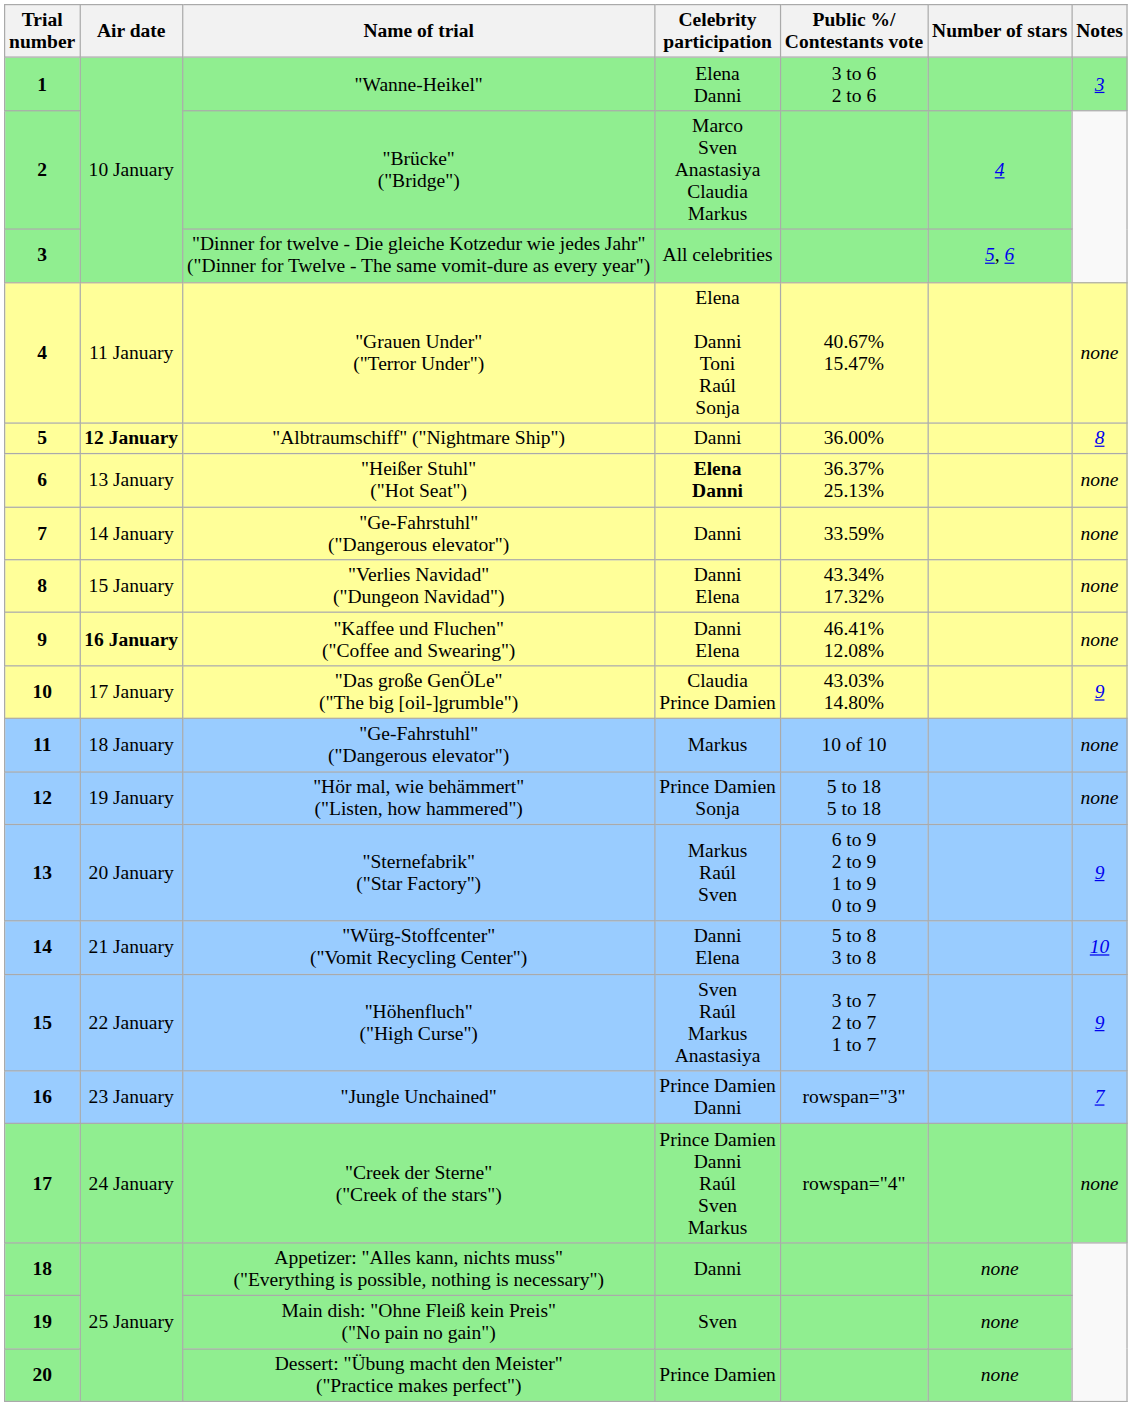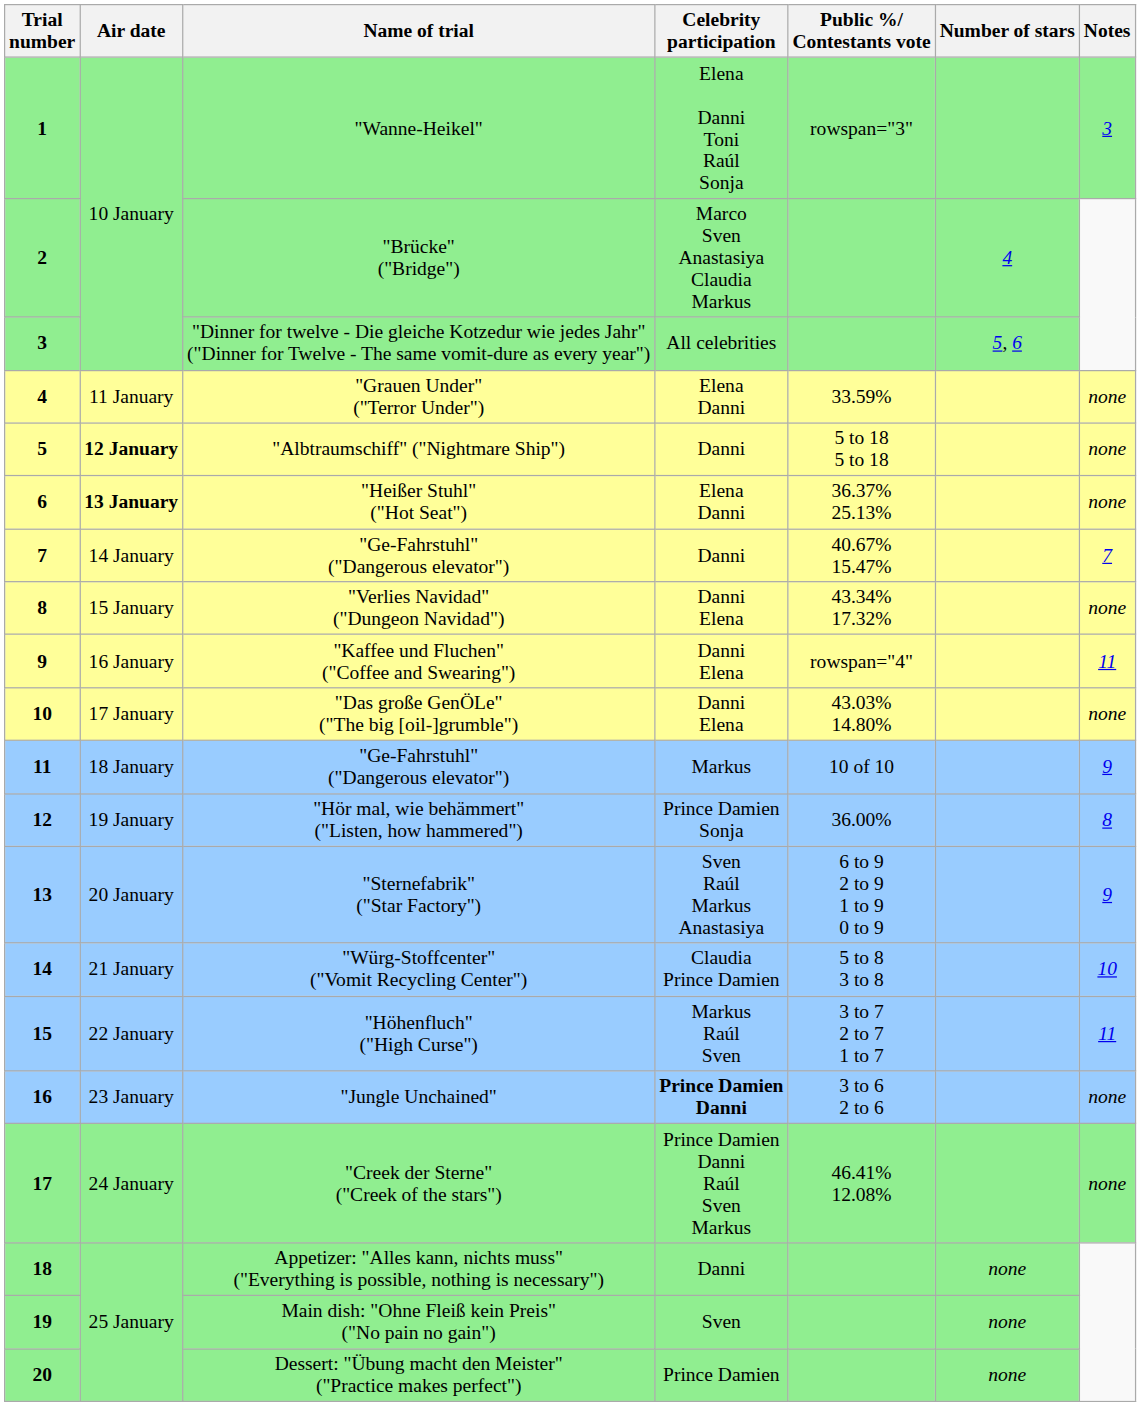 <table class=wikitable style="text-align:center">
 <tr>
 <th scope="col">Trial<br>number</th>
 <th scope="col">Air date</th>
 <th scope="col">Name of trial</th>
 <th scope="col">Celebrity<br>participation</th>
 <th scope="col">Public %/<br>Contestants vote</th>
 <th scope="col">Number of stars</th>
 <th scope="col">Notes</th>
 </tr>
 <tr style="background:lightgreen">
 <td><strong>1</strong></td>
 <td rowspan="3">10 January</td>
 <td>"Wanne-Heikel"</td>
-<td>Elena<br>Danni</td>
-<td>3 to 6<br>2 to 6</td>
+<td>Elena<br><br>Danni<br>Toni<br>Raúl<br>Sonja</td>
+<td>rowspan="3" </td>
 <td></td>
 <td><em><a href='#'>3</a></em></td>
 </tr>
 <tr style="background:lightgreen">
 <td><strong>2</strong></td>
 <td>"Brücke"<br>("Bridge")</td>
 <td>Marco<br>Sven<br>Anastasiya<br>Claudia<br>Markus</td>
 <td></td>
 <td><em><a href='#'>4</a></em></td>
 </tr>
 <tr style="background:lightgreen">
 <td><strong>3</strong></td>
 <td>"Dinner for twelve - Die gleiche Kotzedur wie jedes Jahr"<br>("Dinner for Twelve - The same vomit-dure as every year")</td>
 <td>All celebrities</td>
 <td></td>
 <td><em><a href='#'>5</a></em>, <em><a href='#'>6</a></em></td>
 </tr>
 <tr style="background:#FFFF99">
 <td><strong>4</strong></td>
 <td>11 January</td>
 <td>"Grauen Under"<br>("Terror Under")</td>
-<td>Elena<br><br>Danni<br>Toni<br>Raúl<br>Sonja</td>
-<td>40.67%<br>15.47%</td>
+<td>Elena<br>Danni</td>
+<td>33.59%</td>
 <td></td>
 <td><em>none</em></td>
 </tr>
 <tr style="background:#FFFF99">
 <td><strong>5</strong></td>
 <td><strong>12 January</strong></td>
 <td>"Albtraumschiff" ("Nightmare Ship")</td>
 <td>Danni</td>
-<td>36.00%</td>
+<td>5 to 18<br>5 to 18</td>
 <td></td>
-<td><em><a href='#'>8</a></em></td>
+<td><em>none</em></td>
 </tr>
 <tr style="background:#FFFF99">
 <td><strong>6</strong></td>
-<td>13 January</td>
+<td><strong>13 January</strong></td>
 <td>"Heißer Stuhl"<br>("Hot Seat")</td>
-<td><strong>Elena<br>Danni</strong></td>
+<td>Elena<br>Danni</td>
 <td>36.37%<br>25.13%</td>
 <td></td>
 <td><em>none</em></td>
 </tr>
 <tr style="background:#FFFF99">
 <td><strong>7</strong></td>
 <td>14 January</td>
 <td>"Ge-Fahrstuhl"<br>("Dangerous elevator")</td>
 <td>Danni</td>
-<td>33.59%</td>
+<td>40.67%<br>15.47%</td>
 <td></td>
-<td><em>none</em></td>
+<td><em><a href='#'>7</a></em></td>
 </tr>
 <tr style="background:#FFFF99">
 <td><strong>8</strong></td>
 <td>15 January</td>
 <td>"Verlies Navidad"<br>("Dungeon Navidad")</td>
 <td>Danni<br>Elena</td>
 <td>43.34%<br>17.32%</td>
 <td></td>
 <td><em>none</em></td>
 </tr>
 <tr style="background:#FFFF99">
 <td><strong>9</strong></td>
-<td><strong>16 January</strong></td>
+<td>16 January</td>
 <td>"Kaffee und Fluchen"<br>("Coffee and Swearing")</td>
 <td>Danni<br>Elena</td>
-<td>46.41%<br>12.08%</td>
+<td>rowspan="4" </td>
 <td></td>
-<td><em>none</em></td>
+<td><em><a href='#'>11</a></em></td>
 </tr>
 <tr style="background:#FFFF99">
 <td><strong>10</strong></td>
 <td>17 January</td>
 <td>"Das große GenÖLe"<br>("The big [oil-]grumble")</td>
-<td>Claudia<br>Prince Damien</td>
+<td>Danni<br>Elena</td>
 <td>43.03%<br>14.80%</td>
 <td></td>
-<td><em><a href='#'>9</a></em></td>
+<td><em>none</em></td>
 </tr>
 <tr style="background:#99CCFF">
 <td><strong>11</strong></td>
 <td>18 January</td>
 <td>"Ge-Fahrstuhl"<br>("Dangerous elevator")</td>
 <td>Markus</td>
 <td>10 of 10</td>
 <td></td>
-<td><em>none</em></td>
+<td><em><a href='#'>9</a></em></td>
 </tr>
 <tr style="background:#99CCFF">
 <td><strong>12</strong></td>
 <td>19 January</td>
 <td>"Hör mal, wie behämmert"<br>("Listen, how hammered")</td>
 <td>Prince Damien<br>Sonja</td>
-<td>5 to 18<br>5 to 18</td>
+<td>36.00%</td>
 <td></td>
-<td><em>none</em></td>
+<td><em><a href='#'>8</a></em></td>
 </tr>
 <tr style="background:#99CCFF">
 <td><strong>13</strong></td>
 <td>20 January</td>
 <td>"Sternefabrik"<br>("Star Factory")</td>
-<td>Markus<br>Raúl<br>Sven</td>
+<td>Sven<br>Raúl<br>Markus<br>Anastasiya</td>
 <td>6 to 9<br>2 to 9<br>1 to 9<br>0 to 9</td>
 <td></td>
 <td><em><a href='#'>9</a></em></td>
 </tr>
 <tr style="background:#99CCFF">
 <td><strong>14</strong></td>
 <td>21 January</td>
 <td>"Würg-Stoffcenter"<br>("Vomit Recycling Center")</td>
-<td>Danni<br>Elena</td>
+<td>Claudia<br>Prince Damien</td>
 <td>5 to 8<br>3 to 8</td>
 <td></td>
 <td><em><a href='#'>10</a></em></td>
 </tr>
 <tr style="background:#99CCFF">
 <td><strong>15</strong></td>
 <td>22 January</td>
 <td>"Höhenfluch"<br>("High Curse")</td>
-<td>Sven<br>Raúl<br>Markus<br>Anastasiya</td>
+<td>Markus<br>Raúl<br>Sven</td>
 <td>3 to 7<br>2 to 7<br>1 to 7</td>
 <td></td>
-<td><em><a href='#'>9</a></em></td>
+<td><em><a href='#'>11</a></em></td>
 </tr>
 <tr style="background:#99CCFF">
 <td><strong>16</strong></td>
 <td>23 January</td>
 <td>"Jungle Unchained"</td>
-<td>Prince Damien<br>Danni</td>
-<td>rowspan="3" </td>
+<td><strong>Prince Damien<br>Danni</strong></td>
+<td>3 to 6<br>2 to 6</td>
 <td></td>
-<td><em><a href='#'>7</a></em></td>
+<td><em>none</em></td>
 </tr>
 <tr style="background:lightgreen">
 <td><strong>17</strong></td>
 <td>24 January</td>
 <td>"Creek der Sterne"<br>("Creek of the stars")</td>
 <td>Prince Damien<br>Danni<br>Raúl<br>Sven<br>Markus</td>
-<td>rowspan="4" </td>
+<td>46.41%<br>12.08%</td>
 <td></td>
 <td><em>none</em></td>
 </tr>
 <tr style="background:lightgreen">
 <td><strong>18</strong></td>
 <td rowspan="3">25 January</td>
 <td>Appetizer: "Alles kann, nichts muss"<br>("Everything is possible, nothing is necessary")</td>
 <td>Danni</td>
 <td></td>
 <td><em>none</em></td>
 </tr>
 <tr style="background:lightgreen">
 <td><strong>19</strong></td>
 <td>Main dish: "Ohne Fleiß kein Preis"<br>("No pain no gain")</td>
 <td>Sven</td>
 <td></td>
 <td><em>none</em></td>
 </tr>
 <tr style="background:lightgreen">
 <td><strong>20</strong></td>
 <td>Dessert: "Übung macht den Meister"<br>("Practice makes perfect")</td>
 <td>Prince Damien</td>
 <td></td>
 <td><em>none</em></td>
 </tr>
 <tr>
 </tr>
 </table>
